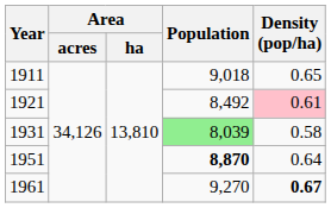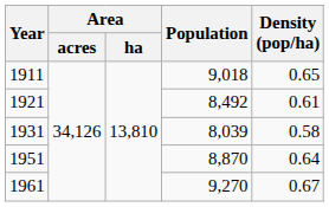 <table class="wikitable">
 <tr>
 <th rowspan="2">Year</th>
 <th colspan="2">Area</th>
 <th rowspan="2">Population<br></th>
 <th rowspan="2">Density<br>(pop/ha)</th>
 </tr>
 <tr>
 <th>acres</th>
 <th>ha</th>
 </tr>
 <tr>
 <td>1911</td>
 <td style="text-align:right;" rowspan="5">34,126</td>
 <td style="text-align:right;" rowspan="5">13,810</td>
 <td style="text-align:right;">9,018</td>
 <td style="text-align:right;">0.65</td>
 </tr>
 <tr>
 <td>1921</td>
 <td style="text-align:right;">8,492</td>
-<td style="background: pink; text-align:right;">0.61</td>
+<td style="text-align:right;">0.61</td>
 </tr>
 <tr>
 <td>1931</td>
-<td style="background: lightgreen; text-align:right;">8,039</td>
+<td style="text-align:right;">8,039</td>
 <td style="text-align:right;">0.58</td>
 </tr>
 <tr>
 <td>1951</td>
-<td style="text-align:right;"><strong>8,870</strong></td>
+<td style="text-align:right;">8,870</td>
 <td style="text-align:right;">0.64</td>
 </tr>
 <tr>
 <td>1961</td>
 <td style="text-align:right;">9,270</td>
-<td style="text-align:right;"><strong>0.67</strong></td>
+<td style="text-align:right;">0.67</td>
 </tr>
 </table>
